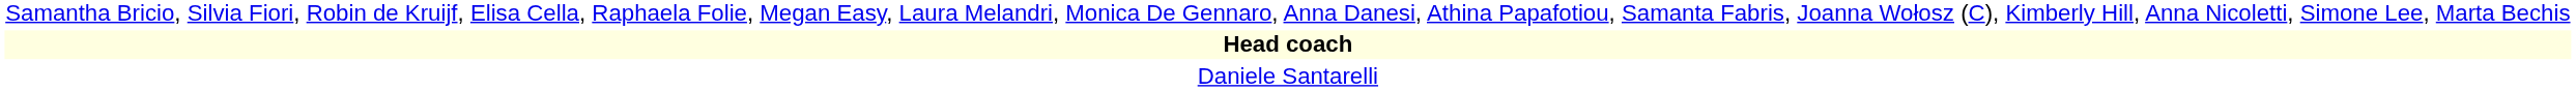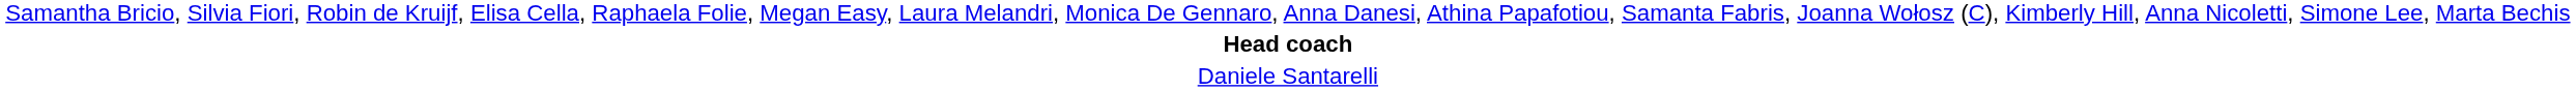 <table style="text-align: center; margin-top: 2em; margin-left: auto; margin-right: auto">
 <tr>
 <td><a href='#'>Samantha Bricio</a>, <a href='#'>Silvia Fiori</a>, <a href='#'>Robin de Kruijf</a>, <a href='#'>Elisa Cella</a>, <a href='#'>Raphaela Folie</a>, <a href='#'>Megan Easy</a>, <a href='#'>Laura Melandri</a>, <a href='#'>Monica De Gennaro</a>, <a href='#'>Anna Danesi</a>, <a href='#'>Athina Papafotiou</a>, <a href='#'>Samanta Fabris</a>, <a href='#'>Joanna Wołosz</a> (<a href='#'>C</a>), <a href='#'>Kimberly Hill</a>, <a href='#'>Anna Nicoletti</a>, <a href='#'>Simone Lee</a>, <a href='#'>Marta Bechis</a></td>
 </tr>
 <tr>
-<td style="background: lightyellow;"><strong>Head coach</strong></td>
+<td><strong>Head coach</strong></td>
 </tr>
 <tr>
 <td><a href='#'>Daniele Santarelli</a></td>
 </tr>
 </table>
